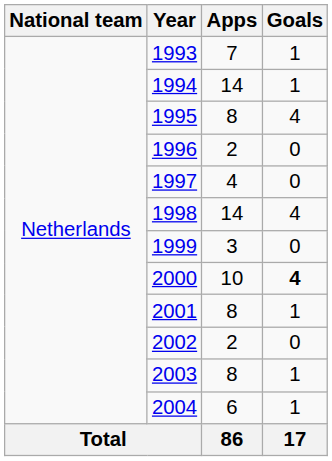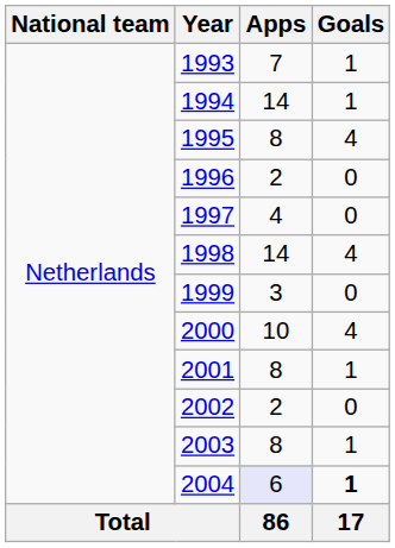 <table class="wikitable" style="text-align:center">
 <tr>
 <th>National team</th>
 <th>Year</th>
 <th>Apps</th>
 <th>Goals</th>
 </tr>
 <tr>
 <td rowspan="12"><a href='#'>Netherlands</a></td>
 <td><a href='#'>1993</a></td>
 <td>7</td>
 <td>1</td>
 </tr>
 <tr>
 <td><a href='#'>1994</a></td>
 <td>14</td>
 <td>1</td>
 </tr>
 <tr>
 <td><a href='#'>1995</a></td>
 <td>8</td>
 <td>4</td>
 </tr>
 <tr>
 <td><a href='#'>1996</a></td>
 <td>2</td>
 <td>0</td>
 </tr>
 <tr>
 <td><a href='#'>1997</a></td>
 <td>4</td>
 <td>0</td>
 </tr>
 <tr>
 <td><a href='#'>1998</a></td>
 <td>14</td>
 <td>4</td>
 </tr>
 <tr>
 <td><a href='#'>1999</a></td>
 <td>3</td>
 <td>0</td>
 </tr>
 <tr>
 <td><a href='#'>2000</a></td>
 <td>10</td>
-<td><strong>4</strong></td>
+<td>4</td>
 </tr>
 <tr>
 <td><a href='#'>2001</a></td>
 <td>8</td>
 <td>1</td>
 </tr>
 <tr>
 <td><a href='#'>2002</a></td>
 <td>2</td>
 <td>0</td>
 </tr>
 <tr>
 <td><a href='#'>2003</a></td>
 <td>8</td>
 <td>1</td>
 </tr>
 <tr>
 <td><a href='#'>2004</a></td>
-<td>6</td>
-<td>1</td>
+<td style="background: lavender;">6</td>
+<td><strong>1</strong></td>
 </tr>
 <tr>
 <th colspan="2">Total</th>
 <th>86</th>
 <th>17</th>
 </tr>
 </table>
